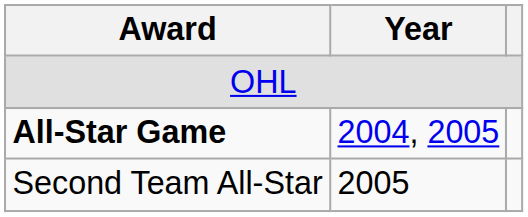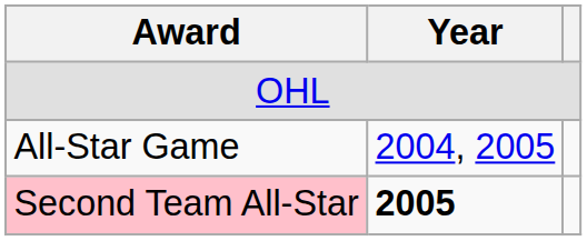 <table class="wikitable">
 <tr>
 <th>Award</th>
 <th>Year</th>
 <th></th>
 </tr>
 <tr ALIGN="center" bgcolor="#e0e0e0">
 <td colspan="3"><a href='#'>OHL</a></td>
 </tr>
 <tr>
-<td><strong>All-Star Game</strong></td>
+<td>All-Star Game</td>
 <td><a href='#'>2004</a>, <a href='#'>2005</a></td>
 <td></td>
 </tr>
 <tr>
-<td>Second Team All-Star</td>
-<td>2005</td>
+<td style="background: pink;">Second Team All-Star</td>
+<td><strong>2005</strong></td>
 <td></td>
 </tr>
 </table>
